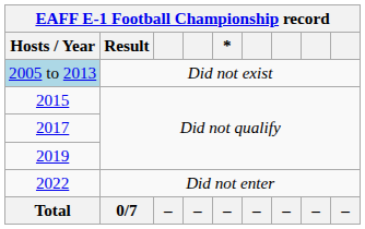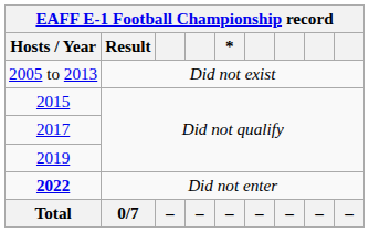 <table class="wikitable" style="text-align: center;font-size:95%;">
 <tr>
 <th colspan=9><a href='#'>EAFF E-1 Football Championship</a> record</th>
 </tr>
 <tr>
 <th>Hosts / Year</th>
 <th>Result</th>
 <th width=20></th>
 <th width=20></th>
 <th width=20>*</th>
 <th width=20></th>
 <th width=20></th>
 <th width=20></th>
 <th width=20></th>
 </tr>
 <tr>
-<td style="background: lightblue;"> <a href='#'>2005</a> to  <a href='#'>2013</a></td>
+<td> <a href='#'>2005</a> to  <a href='#'>2013</a></td>
 <td colspan=8><em>Did not exist</em></td>
 </tr>
 <tr>
 <td> <a href='#'>2015</a></td>
 <td colspan=8 rowspan=3><em>Did not qualify</em></td>
 </tr>
 <tr>
 <td> <a href='#'>2017</a></td>
 </tr>
 <tr>
 <td> <a href='#'>2019</a></td>
 </tr>
 <tr>
-<td> <a href='#'>2022</a></td>
+<td><strong> <a href='#'>2022</a></strong></td>
 <td colspan=8><em>Did not enter</em></td>
 </tr>
 <tr>
 <th><strong>Total</strong></th>
 <th>0/7</th>
 <th>–</th>
 <th>–</th>
 <th>–</th>
 <th>–</th>
 <th>–</th>
 <th>–</th>
 <th>–</th>
 </tr>
 </table>
